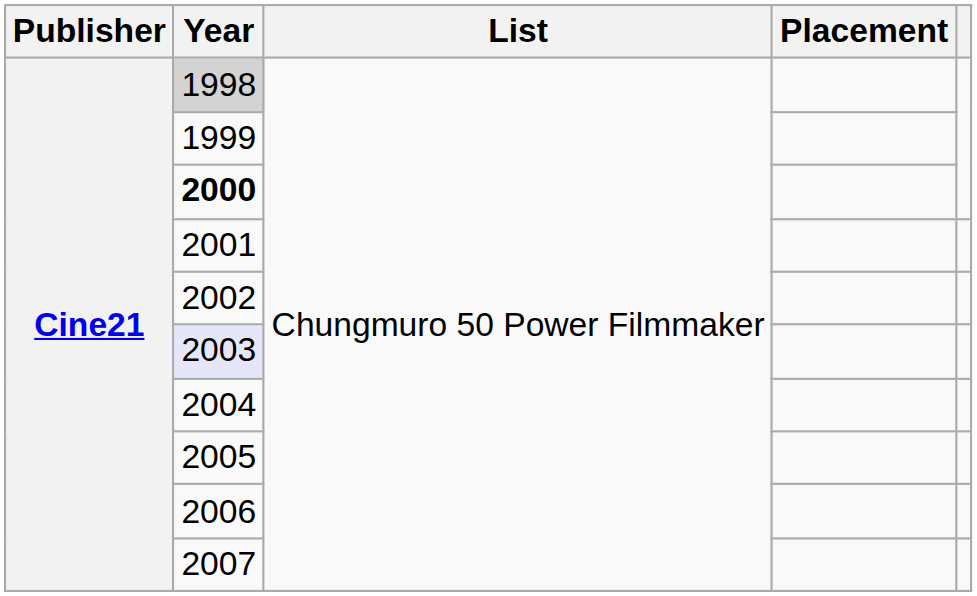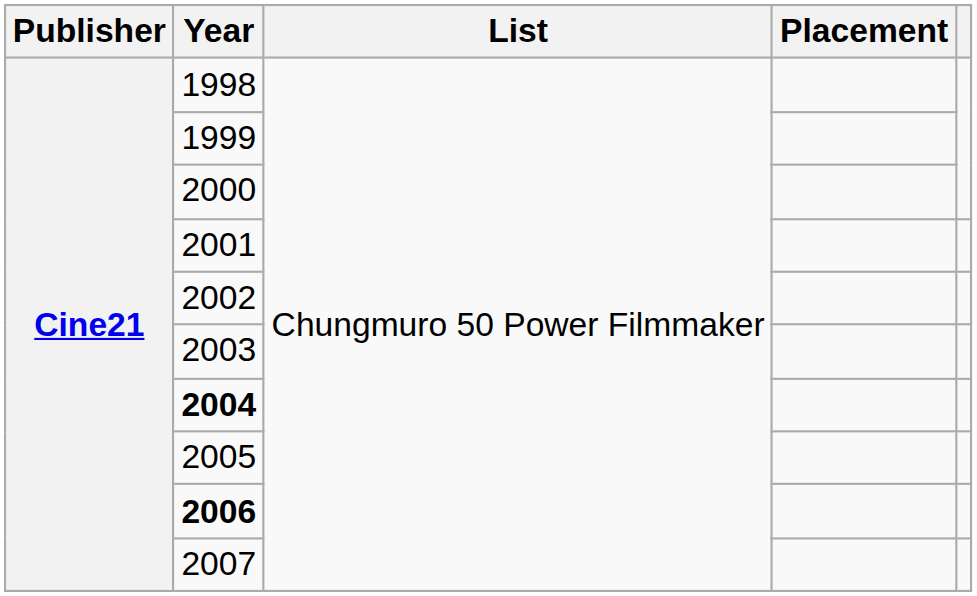 <table class="wikitable plainrowheaders sortable">
 <tr>
 <th scope="col">Publisher</th>
 <th scope="col">Year</th>
 <th scope="col">List</th>
 <th scope="col">Placement</th>
 <th class="unsortable" scope="col"></th>
 </tr>
 <tr>
 <th rowspan="10" scope="row"><a href='#'>Cine21</a></th>
-<td style="background: lightgrey;">1998</td>
+<td>1998</td>
 <td rowspan="10">Chungmuro 50 Power Filmmaker</td>
 <td></td>
 <td rowspan="3"></td>
 </tr>
 <tr>
 <td>1999</td>
 <td></td>
 </tr>
 <tr>
-<td><strong>2000</strong></td>
+<td>2000</td>
 <td></td>
 </tr>
 <tr>
 <td>2001</td>
 <td></td>
 <td></td>
 </tr>
 <tr>
 <td>2002</td>
 <td></td>
 <td></td>
 </tr>
 <tr>
-<td style="background: lavender;">2003</td>
+<td>2003</td>
 <td></td>
 <td></td>
 </tr>
 <tr>
-<td>2004</td>
+<td><strong>2004</strong></td>
 <td></td>
 <td></td>
 </tr>
 <tr>
 <td>2005</td>
 <td></td>
 <td></td>
 </tr>
 <tr>
-<td>2006</td>
+<td><strong>2006</strong></td>
 <td></td>
 <td></td>
 </tr>
 <tr>
 <td>2007</td>
 <td></td>
 <td></td>
 </tr>
 </table>
